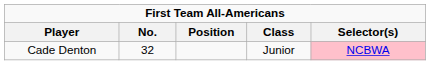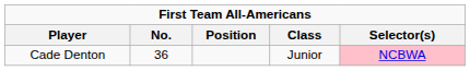 <table class="wikitable" style="text-align:center">
 <tr>
 <td colspan="5" style= ><strong>First Team All-Americans</strong></td>
 </tr>
 <tr>
 <th style="width:150px; ">Player</th>
 <th style="width:70px; ">No.</th>
 <th style="width:90px; ">Position</th>
 <th style="width:80px; ">Class</th>
 <th style="width:150px; ">Selector(s)</th>
 </tr>
 <tr>
 <td>Cade Denton</td>
-<td>32</td>
+<td>36</td>
 <td></td>
 <td>Junior</td>
 <td style="background: pink;"><a href='#'>NCBWA</a></td>
 </tr>
 </table>
